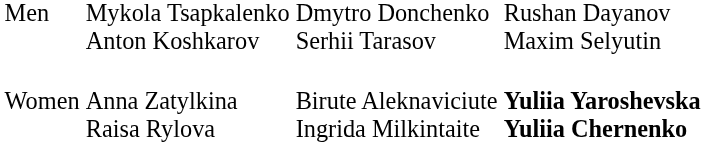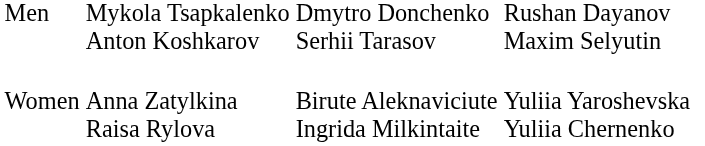 <table>
 <tr>
 <td>Men</td>
 <td><br>Mykola Tsapkalenko<br>Anton Koshkarov</td>
 <td><br>Dmytro Donchenko<br>Serhii Tarasov</td>
 <td><br>Rushan Dayanov<br>Maxim Selyutin</td>
 </tr>
 <tr>
 <td>Women</td>
 <td><br>Anna Zatylkina<br>Raisa Rylova</td>
 <td><br>Birute Aleknaviciute<br>Ingrida Milkintaite</td>
-<td><strong><br>Yuliia Yaroshevska<br>Yuliia Chernenko</strong></td>
+<td><br>Yuliia Yaroshevska<br>Yuliia Chernenko</td>
 </tr>
 </table>
